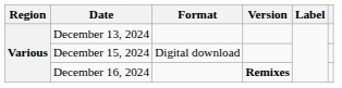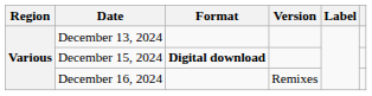 <table class="wikitable plainrowheaders">
 <tr>
 <th scope="col">Region</th>
 <th scope="col">Date</th>
 <th scope="col">Format</th>
 <th scope="col">Version</th>
 <th scope="col">Label</th>
 <th scope="col"></th>
 </tr>
 <tr>
 <th scope="row" rowspan="3">Various</th>
 <td>December 13, 2024</td>
 <td></td>
 <td></td>
 <td rowspan="3"></td>
 <td style="text-align:center"></td>
 </tr>
 <tr>
 <td>December 15, 2024</td>
-<td>Digital download</td>
+<td><strong>Digital download</strong></td>
 <td></td>
 <td style="text-align:center"></td>
 </tr>
 <tr>
 <td>December 16, 2024</td>
 <td></td>
-<td><strong>Remixes</strong></td>
+<td>Remixes</td>
 <td style="text-align:center"></td>
 </tr>
 </table>
